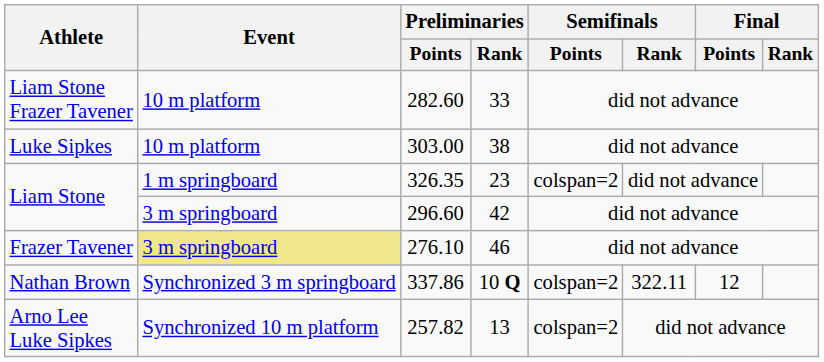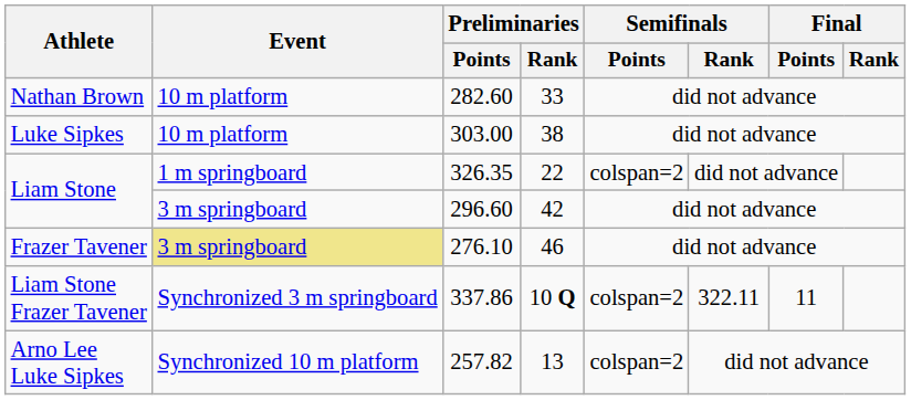 <table class="wikitable" style="text-align:center; font-size:90%">
 <tr>
 <th rowspan="2">Athlete</th>
 <th rowspan="2">Event</th>
 <th colspan="2">Preliminaries</th>
 <th colspan="2">Semifinals</th>
 <th colspan="2">Final</th>
 </tr>
 <tr style="font-size:95%">
 <th>Points</th>
 <th>Rank</th>
 <th>Points</th>
 <th>Rank</th>
 <th>Points</th>
 <th>Rank</th>
 </tr>
 <tr>
-<td align=left><a href='#'>Liam Stone</a><br><a href='#'>Frazer Tavener</a></td>
+<td align=left><a href='#'>Nathan Brown</a></td>
 <td align=left><a href='#'>10 m platform</a></td>
 <td>282.60</td>
 <td>33</td>
 <td colspan=4>did not advance</td>
 </tr>
 <tr>
 <td align=left><a href='#'>Luke Sipkes</a></td>
 <td align=left><a href='#'>10 m platform</a></td>
 <td>303.00</td>
 <td>38</td>
 <td colspan=4>did not advance</td>
 </tr>
 <tr>
 <td align=left rowspan=2><a href='#'>Liam Stone</a></td>
 <td align=left><a href='#'>1 m springboard</a></td>
 <td>326.35</td>
-<td>23</td>
+<td>22</td>
 <td>colspan=2 </td>
 <td colspan=2>did not advance</td>
 </tr>
 <tr>
 <td align=left><a href='#'>3 m springboard</a></td>
 <td>296.60</td>
 <td>42</td>
 <td colspan=4>did not advance</td>
 </tr>
 <tr>
 <td align=left><a href='#'>Frazer Tavener</a></td>
 <td align=left style="background: khaki;"><a href='#'>3 m springboard</a></td>
 <td>276.10</td>
 <td>46</td>
 <td colspan=4>did not advance</td>
 </tr>
 <tr>
-<td align=left><a href='#'>Nathan Brown</a></td>
+<td align=left><a href='#'>Liam Stone</a><br><a href='#'>Frazer Tavener</a></td>
 <td align=left><a href='#'>Synchronized 3 m springboard</a></td>
 <td>337.86</td>
 <td>10 <strong>Q</strong></td>
 <td>colspan=2 </td>
 <td>322.11</td>
-<td>12</td>
+<td>11</td>
 </tr>
 <tr>
 <td align=left><a href='#'>Arno Lee</a><br><a href='#'>Luke Sipkes</a></td>
 <td align=left><a href='#'>Synchronized 10 m platform</a></td>
 <td>257.82</td>
 <td>13</td>
 <td>colspan=2 </td>
 <td colspan=4>did not advance</td>
 </tr>
 </table>
